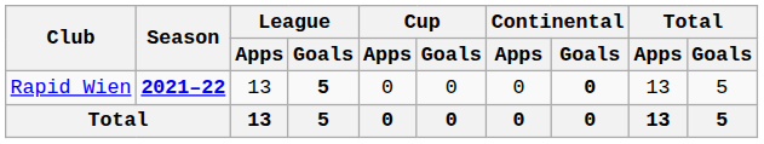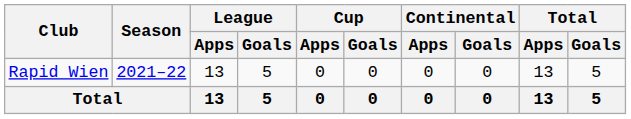 <table class="wikitable" style="text-align: center">
 <tr>
 <th rowspan="2">Club</th>
 <th rowspan="2">Season</th>
 <th colspan="2">League</th>
 <th colspan="2">Cup</th>
 <th colspan="2">Continental</th>
 <th colspan="2">Total</th>
 </tr>
 <tr>
 <th>Apps</th>
 <th>Goals</th>
 <th>Apps</th>
 <th>Goals</th>
 <th>Apps</th>
 <th>Goals</th>
 <th>Apps</th>
 <th>Goals</th>
 </tr>
 <tr>
 <td rowspan="1"><a href='#'>Rapid Wien</a></td>
-<td><strong><a href='#'>2021–22</a></strong></td>
+<td><a href='#'>2021–22</a></td>
 <td>13</td>
-<td><strong>5</strong></td>
+<td>5</td>
 <td>0</td>
 <td>0</td>
 <td>0</td>
-<td><strong>0</strong></td>
+<td>0</td>
 <td>13</td>
 <td>5</td>
 </tr>
 <tr>
 <th colspan="2">Total</th>
 <th>13</th>
 <th>5</th>
 <th>0</th>
 <th>0</th>
 <th>0</th>
 <th>0</th>
 <th>13</th>
 <th>5</th>
 </tr>
 </table>
